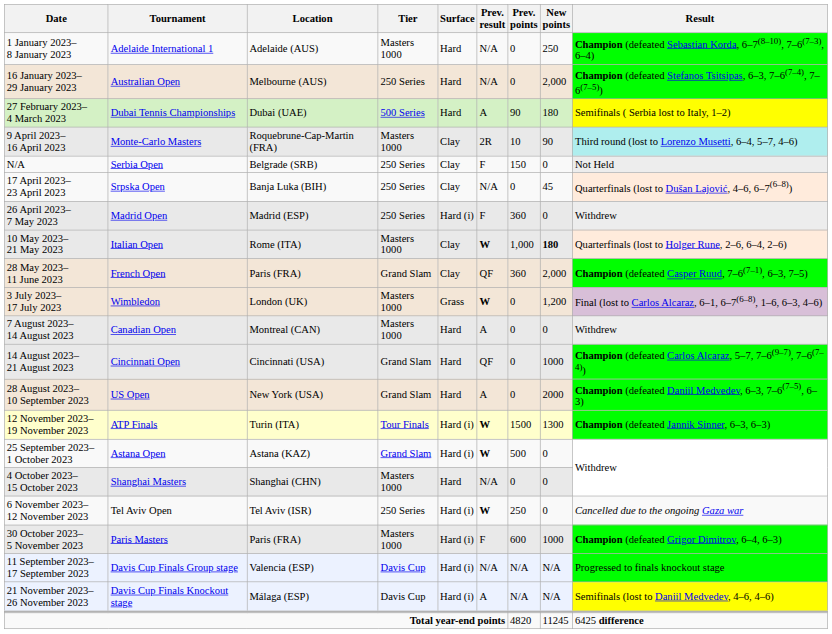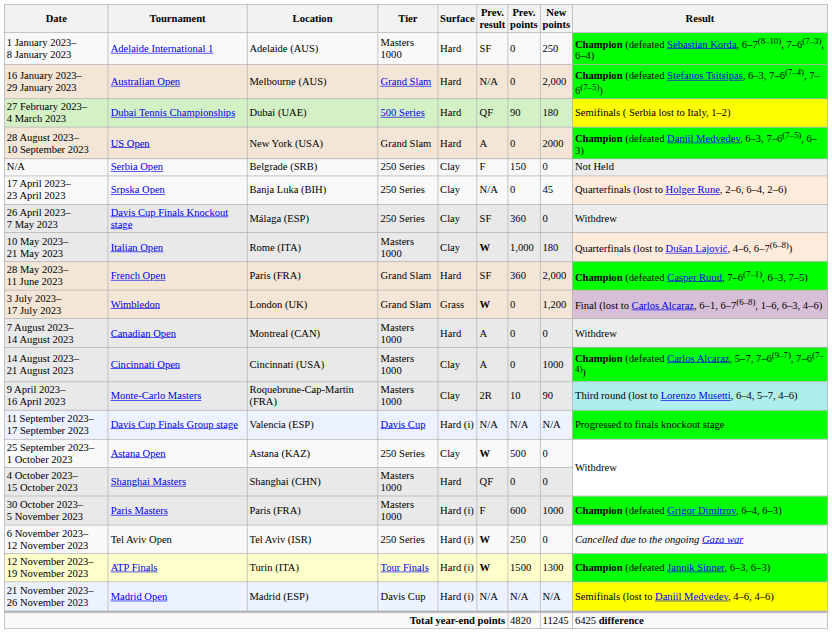 <table class="wikitable" style="text-align:left">
 <tr>
 <th style="width:150px">Date</th>
 <th>Tournament</th>
 <th>Location</th>
 <th>Tier</th>
 <th>Surface</th>
 <th>Prev.<br>result</th>
 <th>Prev.<br>points</th>
 <th>New<br>points</th>
 <th>Result</th>
 </tr>
 <tr>
 <td>1 January 2023–<br>8 January 2023</td>
 <td><a href='#'>Adelaide International 1</a></td>
 <td>Adelaide (AUS)</td>
 <td>Masters 1000</td>
 <td>Hard</td>
-<td>N/A</td>
+<td>SF</td>
 <td>0</td>
 <td>250</td>
 <td style="background:lime;"><strong>Champion</strong> (defeated <a href='#'>Sebastian Korda</a>, 6–7<sup>(8–10)</sup>, 7–6<sup>(7–3)</sup>, 6–4)</td>
 </tr>
 <tr style="background:#F3E6D7;">
 <td>16 January 2023–<br>29 January 2023</td>
 <td><a href='#'>Australian Open</a></td>
 <td>Melbourne (AUS)</td>
-<td>250 Series</td>
+<td><a href='#'>Grand Slam</a></td>
 <td>Hard</td>
 <td>N/A</td>
 <td>0</td>
 <td>2,000</td>
 <td style="background:lime;"><strong>Champion</strong> (defeated <a href='#'>Stefanos Tsitsipas</a>, 6–3, 7–6<sup>(7–4)</sup>, 7–6<sup>(7–5)</sup>)</td>
 </tr>
 <tr style="background:#D4F1C5;">
 <td>27 February 2023–<br>4 March 2023</td>
 <td><a href='#'>Dubai Tennis Championships</a></td>
 <td>Dubai (UAE)</td>
 <td><a href='#'>500 Series</a></td>
 <td>Hard</td>
-<td>A</td>
+<td>QF</td>
 <td>90</td>
 <td>180</td>
 <td style="background:yellow;">Semifinals ( Serbia lost to  Italy, 1–2)</td>
 </tr>
-<tr style="background:#E9E9E9;">
-<td>9 April 2023–<br>16 April 2023</td>
-<td><a href='#'>Monte-Carlo Masters</a></td>
-<td>Roquebrune-Cap-Martin (FRA)</td>
-<td>Masters 1000</td>
-<td>Clay</td>
-<td>2R</td>
-<td>10</td>
-<td>90</td>
-<td style="background:#afeeee;">Third round (lost to <a href='#'>Lorenzo Musetti</a>, 6–4, 5–7, 4–6)</td>
+<tr style="background:#F3E6D7;">
+<td>28 August 2023–<br>10 September 2023</td>
+<td><a href='#'>US Open</a></td>
+<td>New York (USA)</td>
+<td>Grand Slam</td>
+<td>Hard</td>
+<td>A</td>
+<td>0</td>
+<td>2000</td>
+<td style="background:lime;"><strong>Champion</strong> (defeated <a href='#'>Daniil Medvedev</a>, 6–3, 7–6<sup>(7–5)</sup>, 6–3)</td>
 </tr>
 <tr>
 <td>N/A</td>
 <td><a href='#'>Serbia Open</a></td>
 <td>Belgrade (SRB)</td>
 <td>250 Series</td>
 <td>Clay</td>
 <td>F</td>
 <td>150</td>
 <td>0</td>
 <td style="background:#ededed;">Not Held</td>
 </tr>
 <tr>
 <td>17 April 2023–<br>23 April 2023</td>
 <td><a href='#'>Srpska Open</a></td>
 <td>Banja Luka (BIH)</td>
 <td>250 Series</td>
 <td>Clay</td>
 <td>N/A</td>
 <td>0</td>
 <td>45</td>
-<td style="background:#ffebdc;">Quarterfinals (lost to <a href='#'>Dušan Lajović</a>, 4–6, 6–7<sup>(6–8)</sup>)</td>
+<td style="background:#ffebdc;">Quarterfinals (lost to <a href='#'>Holger Rune</a>, 2–6, 6–4, 2–6)</td>
 </tr>
 <tr style="background:#e9e9e9;">
 <td>26 April 2023–<br>7 May 2023</td>
-<td><a href='#'>Madrid Open</a></td>
-<td>Madrid (ESP)</td>
+<td><a href='#'>Davis Cup Finals Knockout stage</a></td>
+<td>Málaga (ESP)</td>
 <td>250 Series</td>
-<td>Hard (i)</td>
-<td>F</td>
+<td>Clay</td>
+<td>SF</td>
 <td>360</td>
 <td>0</td>
 <td style="background:#ededed;">Withdrew</td>
 </tr>
 <tr style="background:#e9e9e9;">
 <td>10 May 2023–<br>21 May 2023</td>
 <td><a href='#'>Italian Open</a></td>
 <td>Rome (ITA)</td>
 <td>Masters 1000</td>
 <td>Clay</td>
 <td><strong>W</strong></td>
 <td>1,000</td>
-<td><strong>180</strong></td>
-<td style="background:#ffebdc;">Quarterfinals (lost to <a href='#'>Holger Rune</a>, 2–6, 6–4, 2–6)</td>
+<td>180</td>
+<td style="background:#ffebdc;">Quarterfinals (lost to <a href='#'>Dušan Lajović</a>, 4–6, 6–7<sup>(6–8)</sup>)</td>
 </tr>
 <tr style="background:#F3E6D7;">
 <td>28 May 2023–<br>11 June 2023</td>
 <td><a href='#'>French Open</a></td>
 <td>Paris (FRA)</td>
 <td>Grand Slam</td>
-<td>Clay</td>
-<td>QF</td>
+<td>Hard</td>
+<td>SF</td>
 <td>360</td>
 <td>2,000</td>
 <td style="background:lime;"><strong>Champion</strong> (defeated <a href='#'>Casper Ruud</a>, 7–6<sup>(7–1)</sup>, 6–3, 7–5)</td>
 </tr>
 <tr style="background:#F3E6D7;">
 <td>3 July 2023–<br>17 July 2023</td>
 <td><a href='#'>Wimbledon</a></td>
 <td>London (UK)</td>
-<td>Masters 1000</td>
+<td>Grand Slam</td>
 <td>Grass</td>
 <td><strong>W</strong></td>
 <td>0</td>
 <td>1,200</td>
 <td style="background:thistle;">Final (lost to <a href='#'>Carlos Alcaraz</a>, 6–1, 6–7<sup>(6–8)</sup>, 1–6, 6–3, 4–6)</td>
 </tr>
 <tr style="background:#e9e9e9;">
 <td>7 August 2023–<br>14 August 2023</td>
 <td><a href='#'>Canadian Open</a></td>
 <td>Montreal (CAN)</td>
 <td>Masters 1000</td>
 <td>Hard</td>
 <td>A</td>
 <td>0</td>
 <td>0</td>
 <td style="background:#ededed;">Withdrew</td>
 </tr>
 <tr style="background:#e9e9e9;">
 <td>14 August 2023–<br>21 August 2023</td>
 <td><a href='#'>Cincinnati Open</a></td>
 <td>Cincinnati (USA)</td>
-<td>Grand Slam</td>
-<td>Hard</td>
-<td>QF</td>
+<td>Masters 1000</td>
+<td>Clay</td>
+<td>A</td>
 <td>0</td>
 <td>1000</td>
 <td style="background:lime;"><strong>Champion</strong> (defeated <a href='#'>Carlos Alcaraz</a>, 5–7, 7–6<sup>(9–7)</sup>, 7–6<sup>(7–4)</sup>)</td>
 </tr>
-<tr style="background:#F3E6D7;">
-<td>28 August 2023–<br>10 September 2023</td>
-<td><a href='#'>US Open</a></td>
-<td>New York (USA)</td>
-<td>Grand Slam</td>
+<tr style="background:#E9E9E9;">
+<td>9 April 2023–<br>16 April 2023</td>
+<td><a href='#'>Monte-Carlo Masters</a></td>
+<td>Roquebrune-Cap-Martin (FRA)</td>
+<td>Masters 1000</td>
+<td>Clay</td>
+<td>2R</td>
+<td>10</td>
+<td>90</td>
+<td style="background:#afeeee;">Third round (lost to <a href='#'>Lorenzo Musetti</a>, 6–4, 5–7, 4–6)</td>
+</tr>
+<tr style="background:#ECF2FF;">
+<td>11 September 2023–<br>17 September 2023</td>
+<td><a href='#'>Davis Cup Finals Group stage</a></td>
+<td>Valencia (ESP)</td>
+<td><a href='#'>Davis Cup</a></td>
+<td>Hard (i)</td>
+<td>N/A</td>
+<td>N/A</td>
+<td>N/A</td>
+<td style="background:lime;">Progressed to finals knockout stage</td>
+</tr>
+<tr>
+<td>25 September 2023–<br>1 October 2023</td>
+<td><a href='#'>Astana Open</a></td>
+<td>Astana (KAZ)</td>
+<td>250 Series</td>
+<td>Clay</td>
+<td><strong>W</strong></td>
+<td>500</td>
+<td>0</td>
+<td style="background:white;"rowspan=2>Withdrew</td>
+</tr>
+<tr style="background:#E9E9E9;">
+<td>4 October 2023–<br>15 October 2023</td>
+<td><a href='#'>Shanghai Masters</a></td>
+<td>Shanghai (CHN)</td>
+<td>Masters 1000</td>
 <td>Hard</td>
-<td>A</td>
+<td>QF</td>
 <td>0</td>
-<td>2000</td>
-<td style="background:lime;"><strong>Champion</strong> (defeated <a href='#'>Daniil Medvedev</a>, 6–3, 7–6<sup>(7–5)</sup>, 6–3)</td>
+<td>0</td>
+</tr>
+<tr style="background:#e9e9e9;">
+<td>30 October 2023–<br>5 November 2023</td>
+<td><a href='#'>Paris Masters</a></td>
+<td>Paris (FRA)</td>
+<td>Masters 1000</td>
+<td>Hard (i)</td>
+<td>F</td>
+<td>600</td>
+<td>1000</td>
+<td style="background:lime;"><strong>Champion</strong> (defeated <a href='#'>Grigor Dimitrov</a>, 6–4, 6–3)</td>
+</tr>
+<tr>
+<td>6 November 2023–<br>12 November 2023</td>
+<td>Tel Aviv Open</td>
+<td>Tel Aviv (ISR)</td>
+<td>250 Series</td>
+<td>Hard (i)</td>
+<td><strong>W</strong></td>
+<td>250</td>
+<td>0</td>
+<td><em>Cancelled due to the ongoing <a href='#'>Gaza war</a></em></td>
 </tr>
 <tr style="background:#ffc;">
 <td>12 November 2023–<br>19 November 2023</td>
 <td><a href='#'>ATP Finals</a></td>
 <td>Turin (ITA)</td>
 <td><a href='#'>Tour Finals</a></td>
 <td>Hard (i)</td>
 <td><strong>W</strong></td>
 <td>1500</td>
 <td>1300</td>
 <td style="background:lime;"><strong>Champion</strong> (defeated <a href='#'>Jannik Sinner</a>, 6–3, 6–3)</td>
 </tr>
-<tr>
-<td>25 September 2023–<br>1 October 2023</td>
-<td><a href='#'>Astana Open</a></td>
-<td>Astana (KAZ)</td>
-<td><a href='#'>Grand Slam</a></td>
-<td>Hard (i)</td>
-<td><strong>W</strong></td>
-<td>500</td>
-<td>0</td>
-<td style="background:white;"rowspan=2>Withdrew</td>
-</tr>
-<tr style="background:#E9E9E9;">
-<td>4 October 2023–<br>15 October 2023</td>
-<td><a href='#'>Shanghai Masters</a></td>
-<td>Shanghai (CHN)</td>
-<td>Masters 1000</td>
-<td>Hard</td>
-<td>N/A</td>
-<td>0</td>
-<td>0</td>
-</tr>
-<tr>
-<td>6 November 2023–<br>12 November 2023</td>
-<td>Tel Aviv Open</td>
-<td>Tel Aviv (ISR)</td>
-<td>250 Series</td>
-<td>Hard (i)</td>
-<td><strong>W</strong></td>
-<td>250</td>
-<td>0</td>
-<td><em>Cancelled due to the ongoing <a href='#'>Gaza war</a></em></td>
-</tr>
-<tr style="background:#e9e9e9;">
-<td>30 October 2023–<br>5 November 2023</td>
-<td><a href='#'>Paris Masters</a></td>
-<td>Paris (FRA)</td>
-<td>Masters 1000</td>
-<td>Hard (i)</td>
-<td>F</td>
-<td>600</td>
-<td>1000</td>
-<td style="background:lime;"><strong>Champion</strong> (defeated <a href='#'>Grigor Dimitrov</a>, 6–4, 6–3)</td>
-</tr>
 <tr style="background:#ECF2FF;">
-<td>11 September 2023–<br>17 September 2023</td>
-<td><a href='#'>Davis Cup Finals Group stage</a></td>
-<td>Valencia (ESP)</td>
-<td><a href='#'>Davis Cup</a></td>
+<td>21 November 2023–<br>26 November 2023</td>
+<td><a href='#'>Madrid Open</a></td>
+<td>Madrid (ESP)</td>
+<td>Davis Cup</td>
 <td>Hard (i)</td>
 <td>N/A</td>
-<td>N/A</td>
-<td>N/A</td>
-<td style="background:lime;">Progressed to finals knockout stage</td>
-</tr>
-<tr style="background:#ECF2FF;">
-<td>21 November 2023–<br>26 November 2023</td>
-<td><a href='#'>Davis Cup Finals Knockout stage</a></td>
-<td>Málaga (ESP)</td>
-<td>Davis Cup</td>
-<td>Hard (i)</td>
-<td>A</td>
 <td>N/A</td>
 <td>N/A</td>
 <td style="background:yellow;">Semifinals (lost to <a href='#'>Daniil Medvedev</a>, 4–6, 4–6)</td>
 </tr>
 <tr style="border-top:4px solid silver;">
 </tr>
 <tr>
 <td colspan=6 align=right><strong>Total year-end points</strong></td>
 <td>4820</td>
 <td>11245</td>
 <td> 6425 <strong>difference</strong></td>
 </tr>
 </table>
